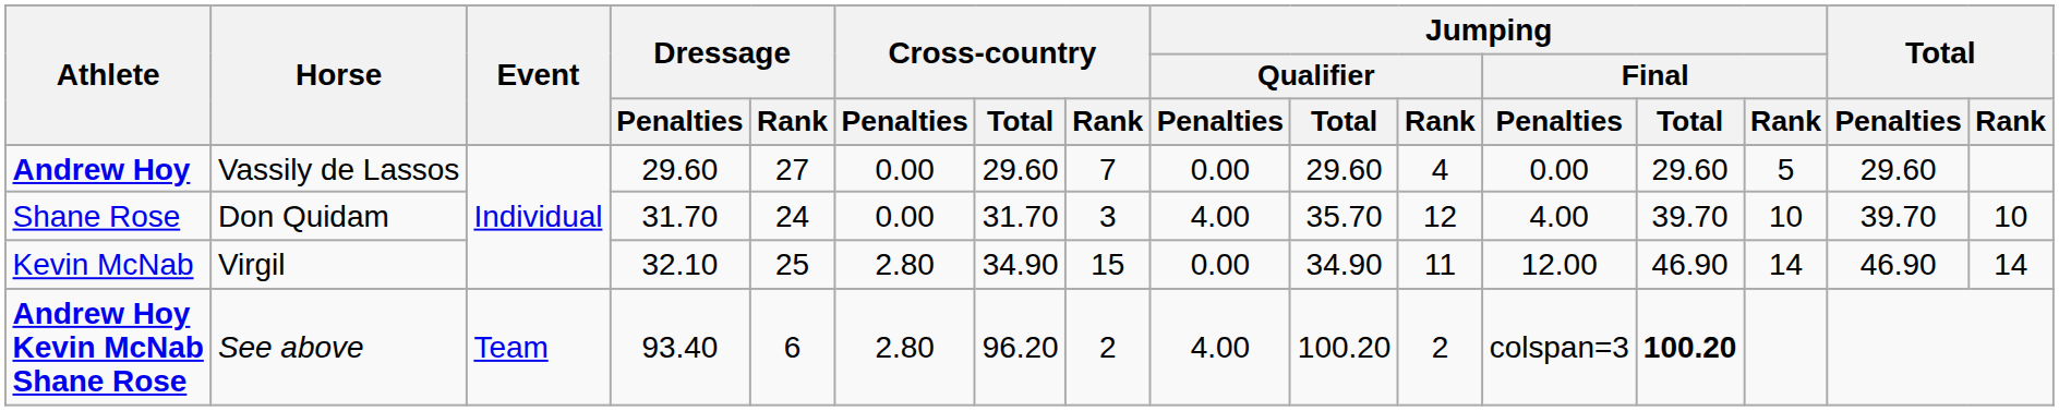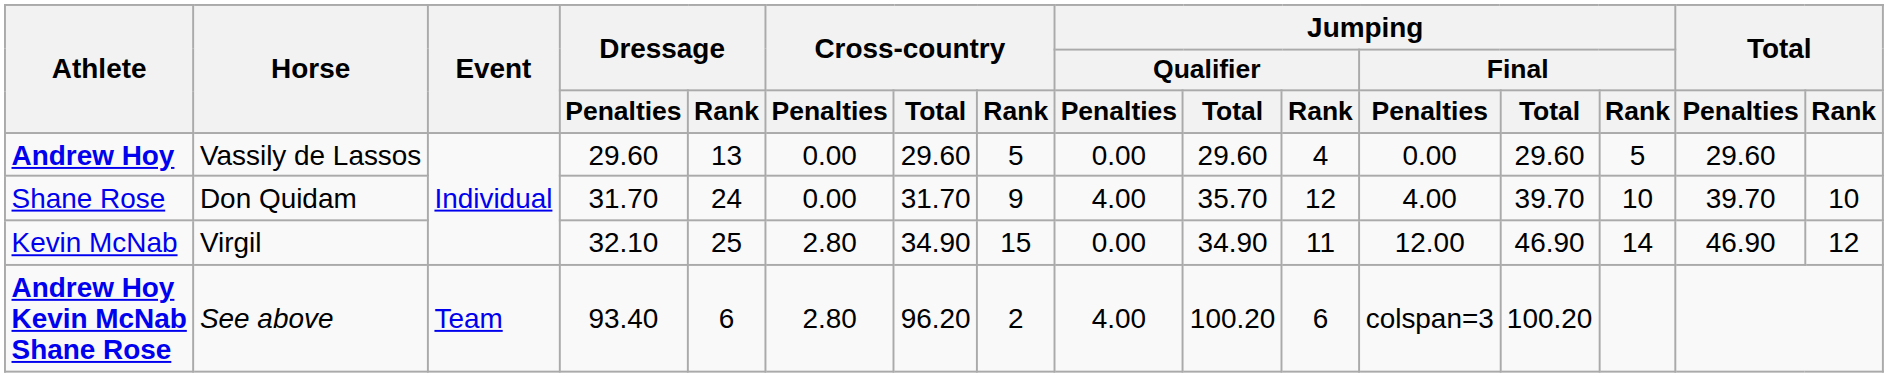 <table class=wikitable style=font-size:90%;text-align:center>
 <tr>
 <th rowspan=3>Athlete</th>
 <th rowspan=3>Horse</th>
 <th rowspan=3>Event</th>
 <th colspan=2 rowspan=2>Dressage</th>
 <th colspan=3 rowspan=2>Cross-country</th>
 <th colspan=6>Jumping</th>
 <th colspan=2 rowspan=2>Total</th>
 </tr>
 <tr style=font-size:95%>
 <th colspan=3>Qualifier</th>
 <th colspan=3>Final</th>
 </tr>
 <tr style=font-size:95%>
 <th>Penalties</th>
 <th>Rank</th>
 <th>Penalties</th>
 <th>Total</th>
 <th>Rank</th>
 <th>Penalties</th>
 <th>Total</th>
 <th>Rank</th>
 <th>Penalties</th>
 <th>Total</th>
 <th>Rank</th>
 <th>Penalties</th>
 <th>Rank</th>
 </tr>
 <tr>
 <td align=left><strong><a href='#'>Andrew Hoy</a></strong></td>
 <td align=left>Vassily de Lassos</td>
 <td rowspan=3 align=left><a href='#'>Individual</a></td>
 <td>29.60</td>
-<td>27</td>
+<td>13</td>
 <td>0.00</td>
 <td>29.60</td>
-<td>7</td>
+<td>5</td>
 <td>0.00</td>
 <td>29.60</td>
 <td>4</td>
 <td>0.00</td>
 <td>29.60</td>
 <td>5</td>
 <td>29.60</td>
 <td></td>
 </tr>
 <tr>
 <td align=left><a href='#'>Shane Rose</a></td>
 <td align=left>Don Quidam</td>
 <td>31.70</td>
 <td>24</td>
 <td>0.00</td>
 <td>31.70</td>
-<td>3</td>
+<td>9</td>
 <td>4.00</td>
 <td>35.70</td>
 <td>12</td>
 <td>4.00</td>
 <td>39.70</td>
 <td>10</td>
 <td>39.70</td>
 <td>10</td>
 </tr>
 <tr>
 <td align=left><a href='#'>Kevin McNab</a></td>
 <td align=left>Virgil</td>
 <td>32.10</td>
 <td>25</td>
 <td>2.80</td>
 <td>34.90</td>
 <td>15</td>
 <td>0.00</td>
 <td>34.90</td>
 <td>11</td>
 <td>12.00</td>
 <td>46.90</td>
 <td>14</td>
 <td>46.90</td>
-<td>14</td>
+<td>12</td>
 </tr>
 <tr>
 <td align=left><strong><a href='#'>Andrew Hoy</a><br><a href='#'>Kevin McNab</a><br><a href='#'>Shane Rose</a></strong></td>
 <td align=left><em>See above</em></td>
 <td align=left><a href='#'>Team</a></td>
 <td>93.40</td>
 <td>6</td>
 <td>2.80</td>
 <td>96.20</td>
 <td>2</td>
 <td>4.00</td>
 <td>100.20</td>
-<td>2</td>
+<td>6</td>
 <td>colspan=3 </td>
-<td><strong>100.20</strong></td>
+<td>100.20</td>
 <td></td>
 </tr>
 </table>
